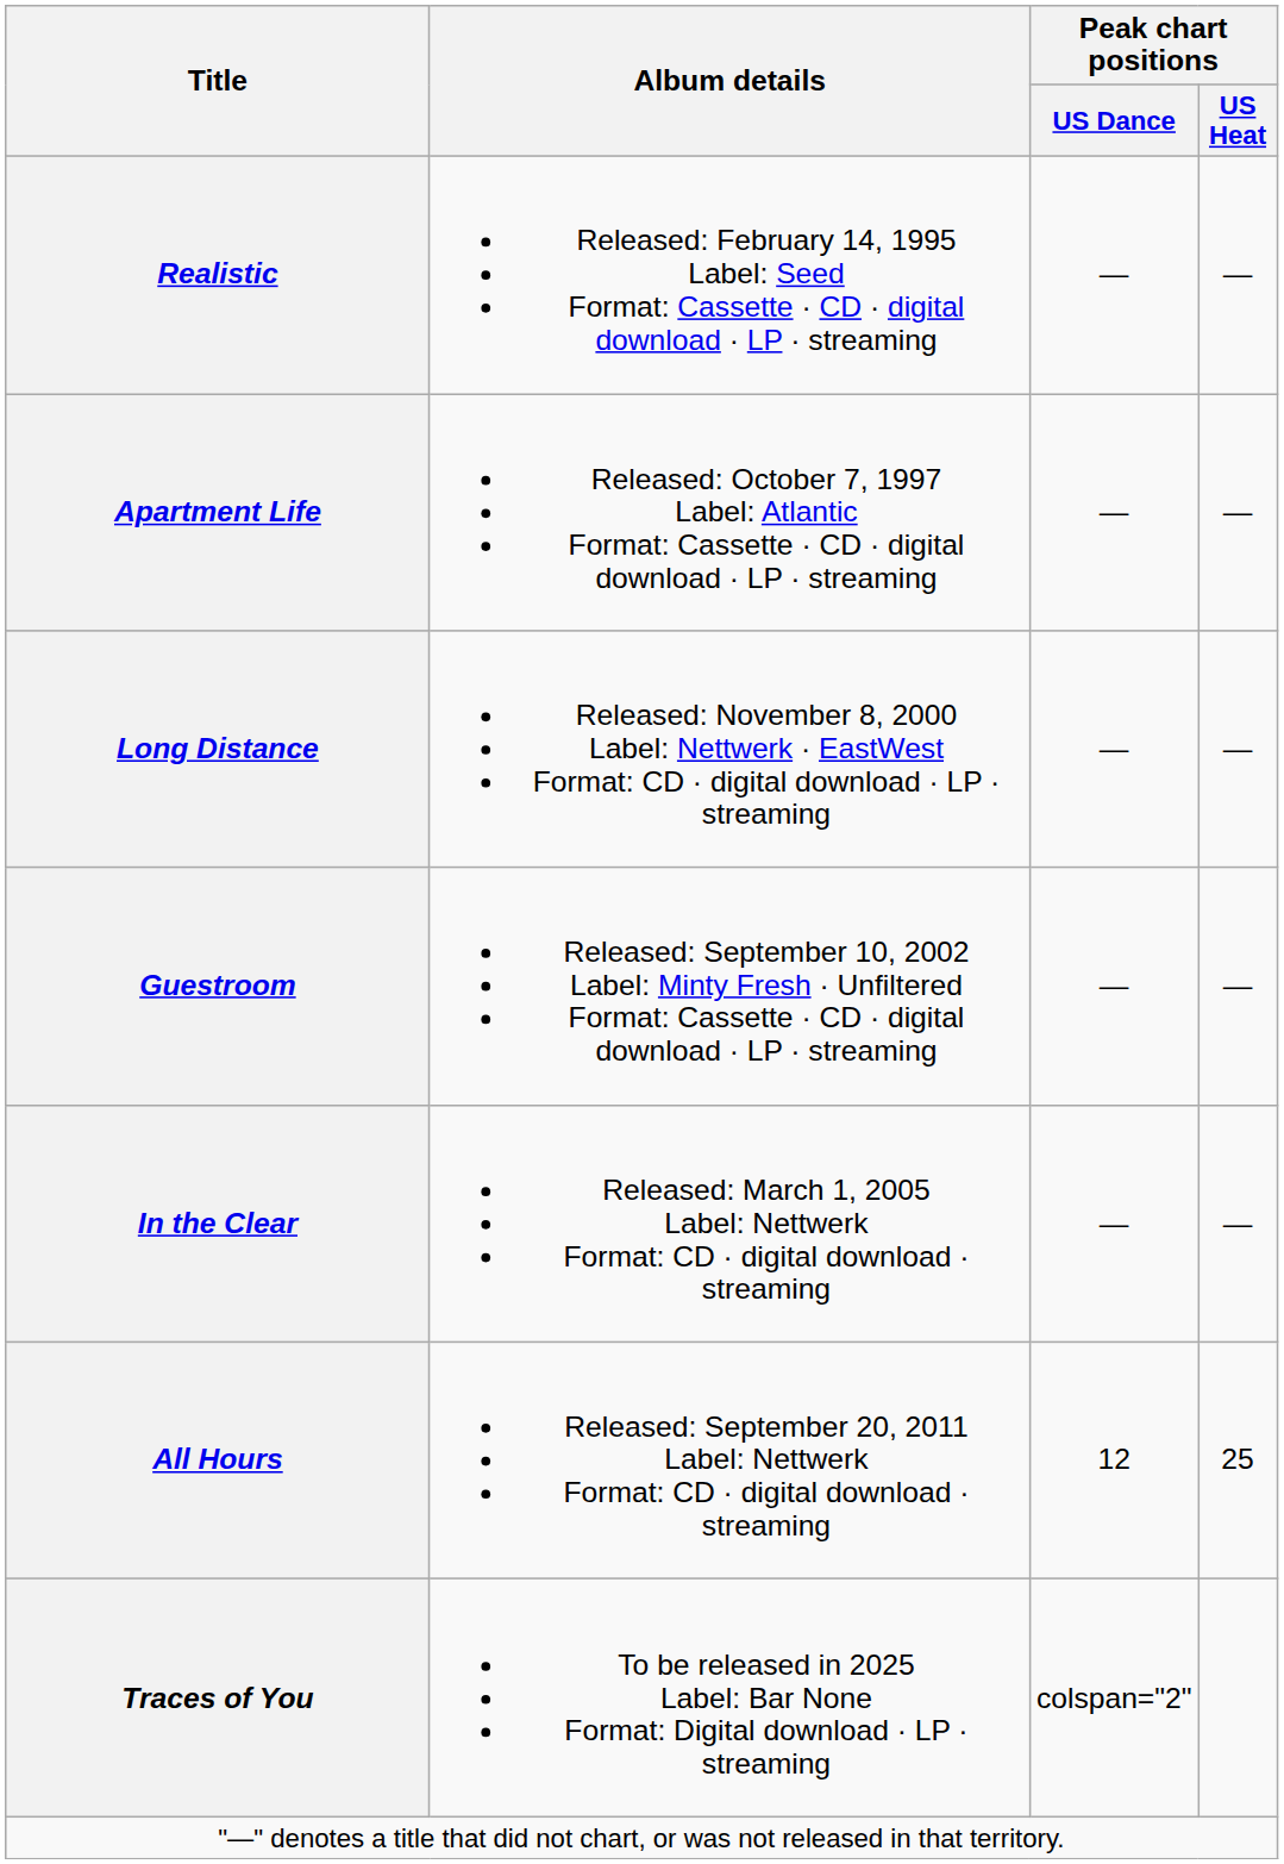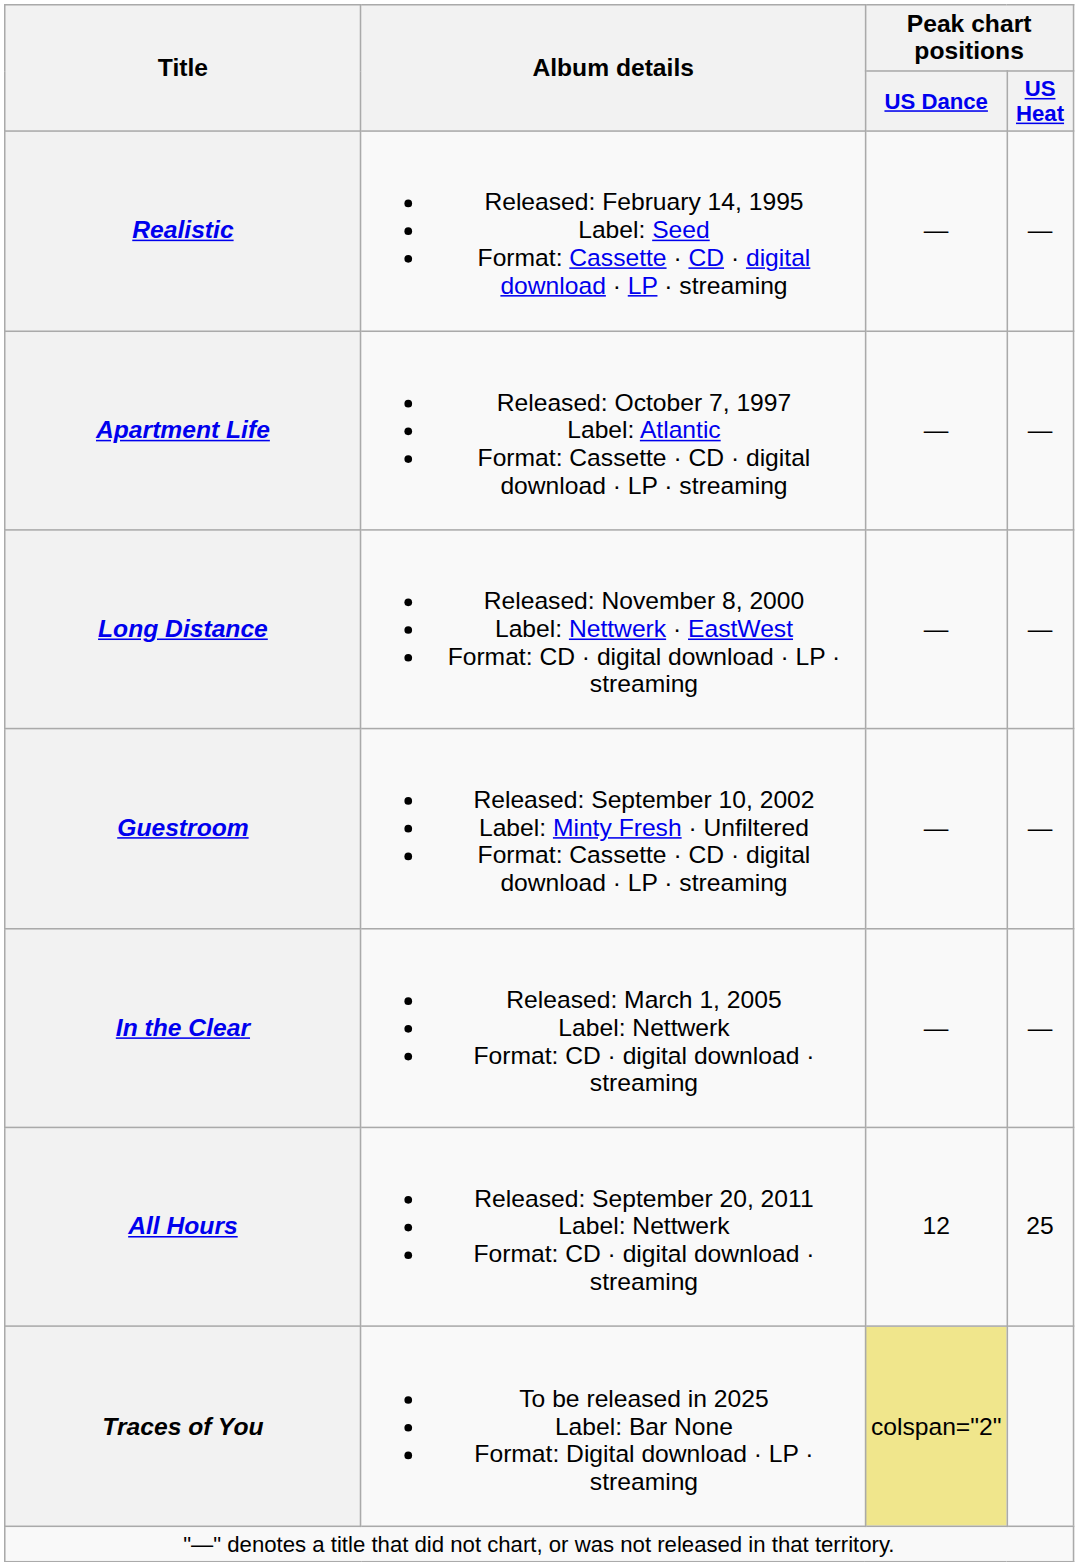 <table class="wikitable plainrowheaders" style="text-align:center;">
 <tr>
 <th scope="col" rowspan="2" style="width:14em;">Title</th>
 <th scope="col" rowspan="2" style="width:20em;">Album details</th>
 <th scope="col" colspan="2">Peak chart positions</th>
 </tr>
 <tr>
 <th scope="col" style="width:2.5em;font-size:90%;"><a href='#'>US Dance</a><br></th>
 <th scope="col" style="width:2.5em;font-size:90%;"><a href='#'>US Heat</a><br></th>
 </tr>
 <tr>
 <th scope="row"><em><a href='#'>Realistic</a></em></th>
 <td><br><ul><li>Released: February 14, 1995</li><li>Label: <a href='#'>Seed</a></li><li>Format: <a href='#'>Cassette</a> · <a href='#'>CD</a> · <a href='#'>digital download</a> · <a href='#'>LP</a> · streaming</li></ul></td>
 <td>—</td>
 <td>—</td>
 </tr>
 <tr>
 <th scope="row"><em><a href='#'>Apartment Life</a></em></th>
 <td><br><ul><li>Released: October 7, 1997</li><li>Label: <a href='#'>Atlantic</a></li><li>Format: Cassette · CD · digital download · LP · streaming</li></ul></td>
 <td>—</td>
 <td>—</td>
 </tr>
 <tr>
 <th scope="row"><em><a href='#'>Long Distance</a></em></th>
 <td><br><ul><li>Released: November 8, 2000</li><li>Label: <a href='#'>Nettwerk</a> · <a href='#'>EastWest</a></li><li>Format: CD · digital download · LP · streaming</li></ul></td>
 <td>—</td>
 <td>—</td>
 </tr>
 <tr>
 <th scope="row"><em><a href='#'>Guestroom</a></em></th>
 <td><br><ul><li>Released: September 10, 2002</li><li>Label: <a href='#'>Minty Fresh</a> · Unfiltered</li><li>Format: Cassette · CD · digital download · LP · streaming</li></ul></td>
 <td>—</td>
 <td>—</td>
 </tr>
 <tr>
 <th scope="row"><em><a href='#'>In the Clear</a></em></th>
 <td><br><ul><li>Released: March 1, 2005</li><li>Label: Nettwerk</li><li>Format: CD · digital download · streaming</li></ul></td>
 <td>—</td>
 <td>—</td>
 </tr>
 <tr>
 <th scope="row"><em><a href='#'>All Hours</a></em></th>
 <td><br><ul><li>Released: September 20, 2011</li><li>Label: Nettwerk</li><li>Format: CD · digital download · streaming</li></ul></td>
 <td>12</td>
 <td>25</td>
 </tr>
 <tr>
 <th scope="row"><em>Traces of You</em></th>
 <td><br><ul><li>To be released in 2025</li><li>Label: Bar None</li><li>Format: Digital download · LP · streaming</li></ul></td>
-<td>colspan="2" </td>
+<td style="background: khaki;">colspan="2" </td>
 </tr>
 <tr>
 <td colspan="4" style="font-size:90%">"—" denotes a title that did not chart, or was not released in that territory.</td>
 </tr>
 </table>
